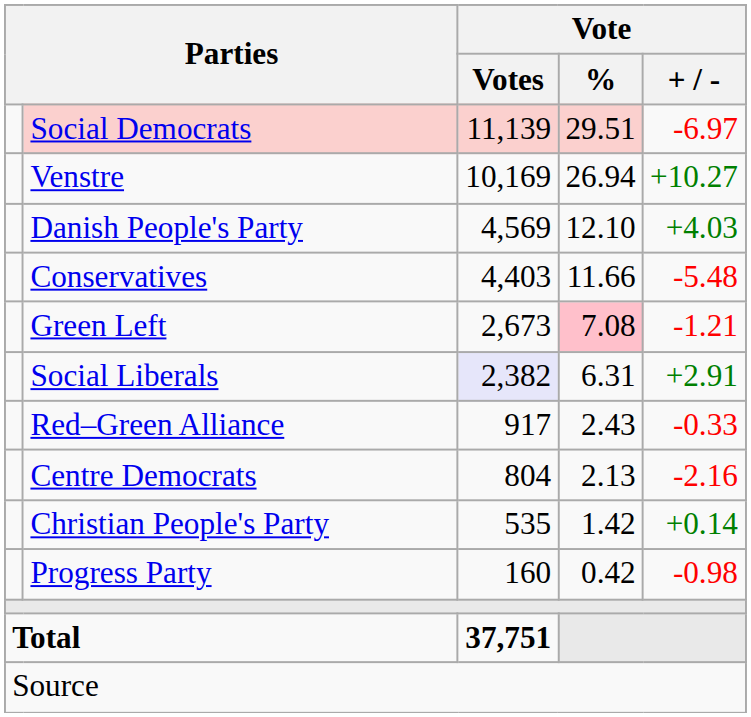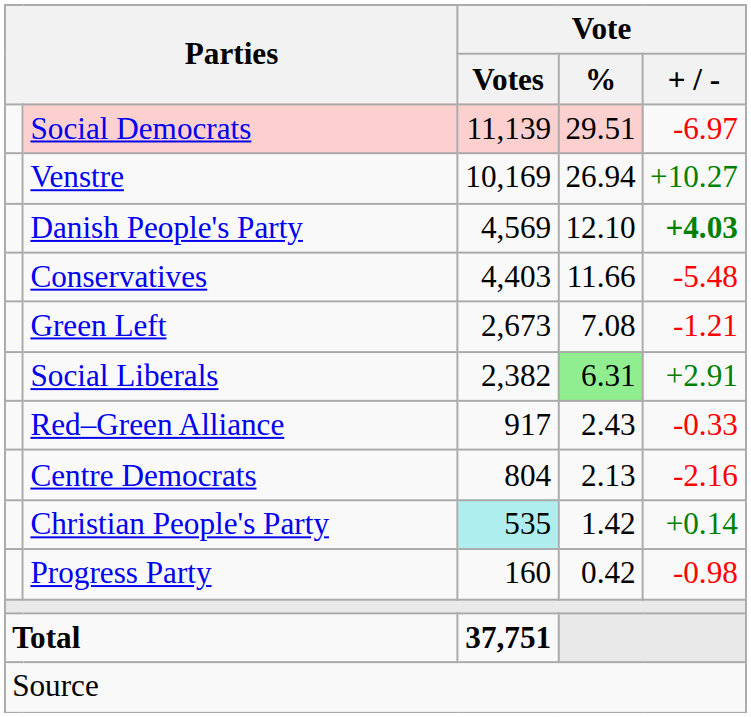 <table class="wikitable" style="text-align:right;">
 <tr>
 <th style="text-align:centre;" rowspan="2" colspan="2" width="225">Parties</th>
 <th colspan="3">Vote</th>
 </tr>
 <tr>
 <th width="15">Votes</th>
 <th width="15">%</th>
 <th width="15">+ / -</th>
 </tr>
 <tr>
 <td width="2" style="color:inherit;background:"></td>
 <td bgcolor=#fbd0ce  align="left"><a href='#'>Social Democrats</a></td>
 <td bgcolor=#fbd0ce>11,139</td>
 <td bgcolor=#fbd0ce>29.51</td>
 <td style=color:red;>-6.97</td>
 </tr>
 <tr>
 <td width="2" style="color:inherit;background:"></td>
 <td align="left"><a href='#'>Venstre</a></td>
 <td>10,169</td>
 <td>26.94</td>
 <td style=color:green;>+10.27</td>
 </tr>
 <tr>
 <td width="2" style="color:inherit;background:"></td>
 <td align="left"><a href='#'>Danish People's Party</a></td>
 <td>4,569</td>
 <td>12.10</td>
-<td style=color:green;>+4.03</td>
+<td style=color:green;><strong>+4.03</strong></td>
 </tr>
 <tr>
 <td width="2" style="color:inherit;background:"></td>
 <td align="left"><a href='#'>Conservatives</a></td>
 <td>4,403</td>
 <td>11.66</td>
 <td style=color:red;>-5.48</td>
 </tr>
 <tr>
 <td width="2" style="color:inherit;background:"></td>
 <td align="left"><a href='#'>Green Left</a></td>
 <td>2,673</td>
-<td style="background: pink;">7.08</td>
+<td>7.08</td>
 <td style=color:red;>-1.21</td>
 </tr>
 <tr>
 <td width="2" style="color:inherit;background:"></td>
 <td align="left"><a href='#'>Social Liberals</a></td>
-<td style="background: lavender;">2,382</td>
-<td>6.31</td>
+<td>2,382</td>
+<td style="background: lightgreen;">6.31</td>
 <td style=color:green;>+2.91</td>
 </tr>
 <tr>
 <td width="2" style="color:inherit;background:"></td>
 <td align="left"><a href='#'>Red–Green Alliance</a></td>
 <td>917</td>
 <td>2.43</td>
 <td style=color:red;>-0.33</td>
 </tr>
 <tr>
 <td width="2" style="color:inherit;background:"></td>
 <td align="left"><a href='#'>Centre Democrats</a></td>
 <td>804</td>
 <td>2.13</td>
 <td style=color:red;>-2.16</td>
 </tr>
 <tr>
 <td width="2" style="color:inherit;background:"></td>
 <td align="left"><a href='#'>Christian People's Party</a></td>
-<td>535</td>
+<td style="background: paleturquoise;">535</td>
 <td>1.42</td>
 <td style=color:green;>+0.14</td>
 </tr>
 <tr>
 <td width="2" style="color:inherit;background:"></td>
 <td align="left"><a href='#'>Progress Party</a></td>
 <td>160</td>
 <td>0.42</td>
 <td style=color:red;>-0.98</td>
 </tr>
 <tr>
 <td colspan="7" bgcolor="#E9E9E9"></td>
 </tr>
 <tr>
 <td align="left" colspan="2"><strong>Total</strong></td>
 <td><strong>37,751</strong></td>
 <td bgcolor="#E9E9E9" colspan="2"></td>
 </tr>
 <tr>
 <td align="left" colspan="6">Source</td>
 </tr>
 </table>
